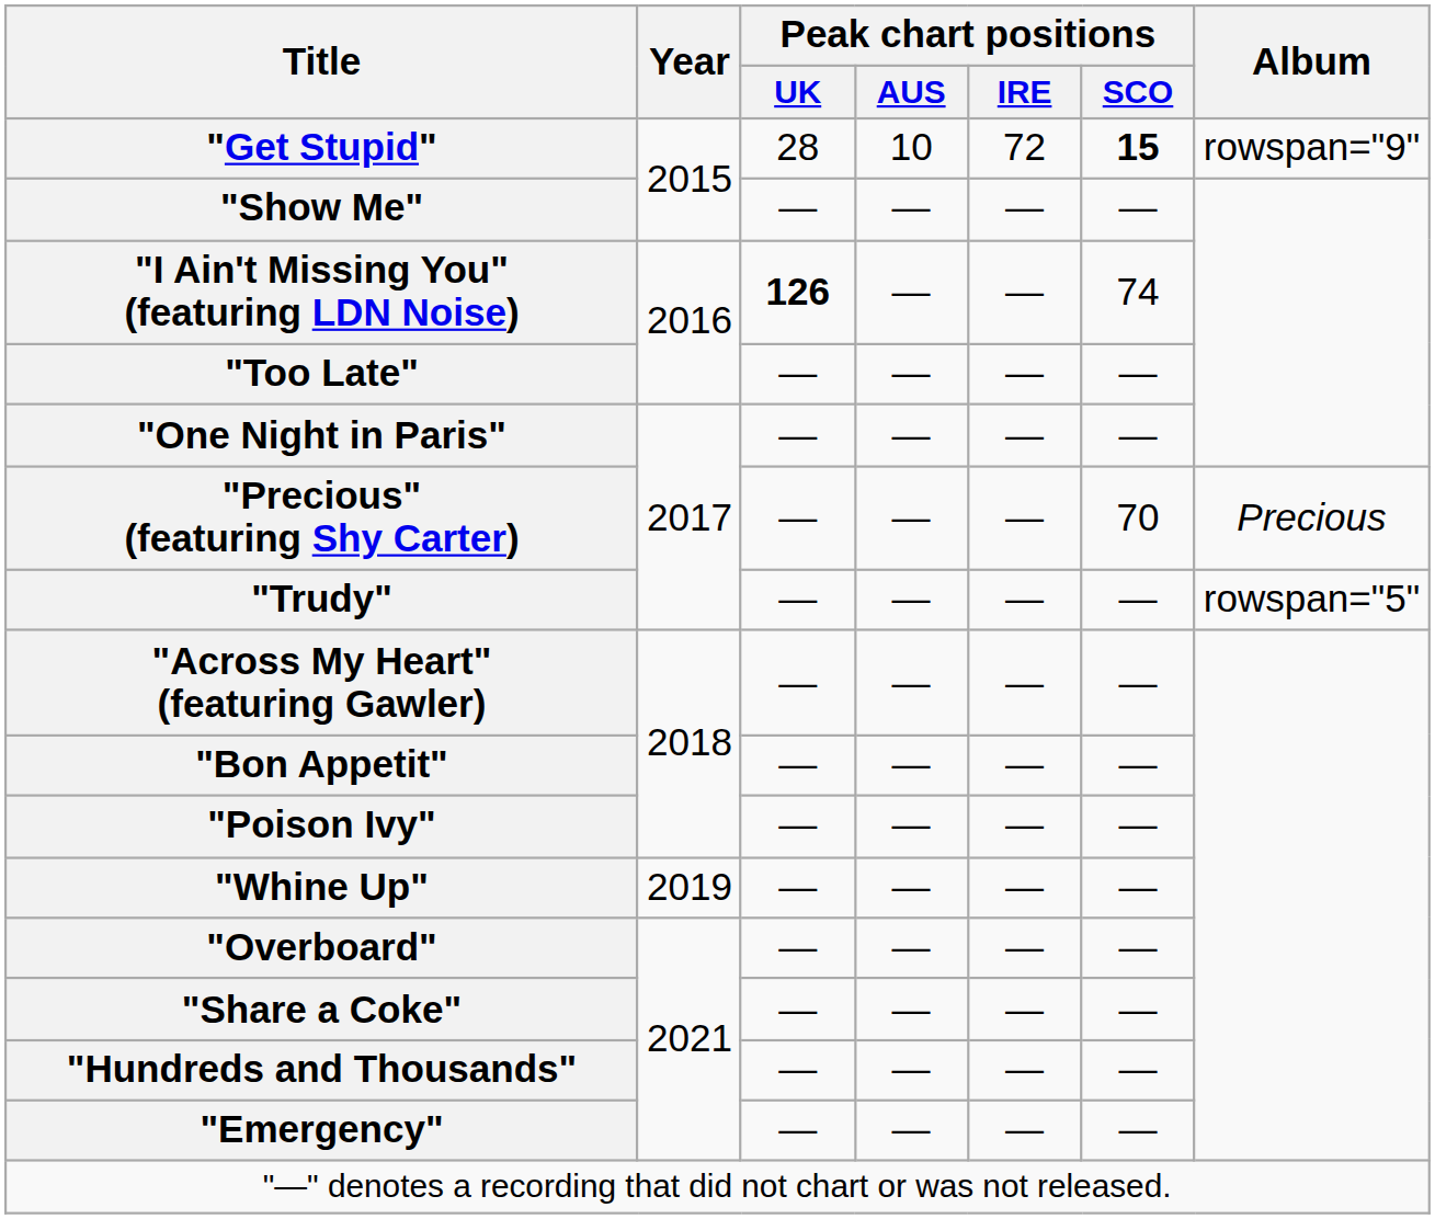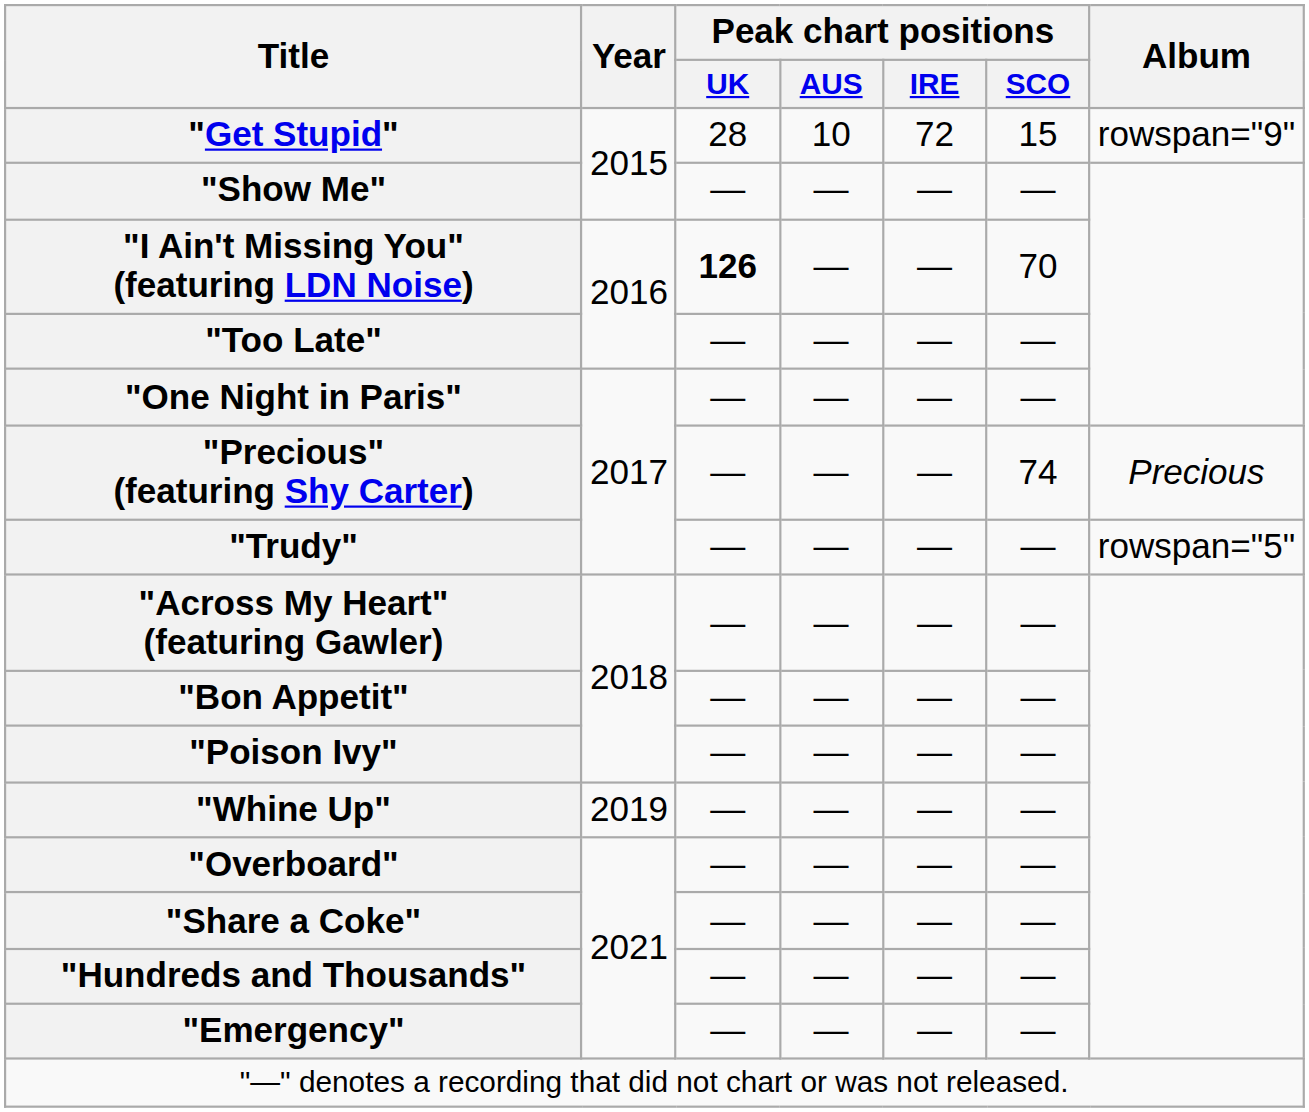 <table class="wikitable plainrowheaders" style="text-align:center;">
 <tr>
 <th scope="col" rowspan="2" style="width:16em;">Title</th>
 <th scope="col" rowspan="2" style="width:1em;">Year</th>
 <th scope="col" colspan="4">Peak chart positions</th>
 <th scope="col" rowspan="2">Album</th>
 </tr>
 <tr>
 <th scope="col" style="width:3em;font-size:85%;"><a href='#'>UK</a><br></th>
 <th scope="col" style="width:3em;font-size:85%;"><a href='#'>AUS</a><br></th>
 <th scope="col" style="width:3em;font-size:85%;"><a href='#'>IRE</a><br></th>
 <th scope="col" style="width:3em;font-size:85%;"><a href='#'>SCO</a><br></th>
 </tr>
 <tr>
 <th scope="row">"<a href='#'>Get Stupid</a>"</th>
 <td rowspan="2">2015</td>
 <td>28</td>
 <td>10</td>
 <td>72</td>
-<td><strong>15</strong></td>
+<td>15</td>
 <td>rowspan="9" </td>
 </tr>
 <tr>
 <th scope="row">"Show Me"</th>
 <td>—</td>
 <td>—</td>
 <td>—</td>
 <td>—</td>
 </tr>
 <tr>
 <th scope="row">"I Ain't Missing You"<br><span>(featuring <a href='#'>LDN Noise</a>)</span></th>
 <td rowspan="2">2016</td>
 <td><strong>126</strong></td>
 <td>—</td>
 <td>—</td>
-<td>74</td>
+<td>70</td>
 </tr>
 <tr>
 <th scope="row">"Too Late"</th>
 <td>—</td>
 <td>—</td>
 <td>—</td>
 <td>—</td>
 </tr>
 <tr>
 <th scope="row">"One Night in Paris"</th>
 <td rowspan="3">2017</td>
 <td>—</td>
 <td>—</td>
 <td>—</td>
 <td>—</td>
 </tr>
 <tr>
 <th scope="row">"Precious"<br><span>(featuring <a href='#'>Shy Carter</a>)</span></th>
 <td>—</td>
 <td>—</td>
 <td>—</td>
-<td>70</td>
+<td>74</td>
 <td><em>Precious</em></td>
 </tr>
 <tr>
 <th scope="row">"Trudy"</th>
 <td>—</td>
 <td>—</td>
 <td>—</td>
 <td>—</td>
 <td>rowspan="5" </td>
 </tr>
 <tr>
 <th scope="row">"Across My Heart"<br><span>(featuring Gawler)</span></th>
 <td rowspan="3">2018</td>
 <td>—</td>
 <td>—</td>
 <td>—</td>
 <td>—</td>
 </tr>
 <tr>
 <th scope="row">"Bon Appetit"</th>
 <td>—</td>
 <td>—</td>
 <td>—</td>
 <td>—</td>
 </tr>
 <tr>
 <th scope="row">"Poison Ivy"</th>
 <td>—</td>
 <td>—</td>
 <td>—</td>
 <td>—</td>
 </tr>
 <tr>
 <th scope="row">"Whine Up"</th>
 <td>2019</td>
 <td>—</td>
 <td>—</td>
 <td>—</td>
 <td>—</td>
 </tr>
 <tr>
 <th scope="row">"Overboard"</th>
 <td rowspan="4">2021</td>
 <td>—</td>
 <td>—</td>
 <td>—</td>
 <td>—</td>
 </tr>
 <tr>
 <th scope="row">"Share a Coke"</th>
 <td>—</td>
 <td>—</td>
 <td>—</td>
 <td>—</td>
 </tr>
 <tr>
 <th scope="row">"Hundreds and Thousands"</th>
 <td>—</td>
 <td>—</td>
 <td>—</td>
 <td>—</td>
 </tr>
 <tr>
 <th scope="row">"Emergency"</th>
 <td>—</td>
 <td>—</td>
 <td>—</td>
 <td>—</td>
 </tr>
 <tr>
 <td style="font-size:85%;" colspan="22">"—" denotes a recording that did not chart or was not released.</td>
 </tr>
 </table>
